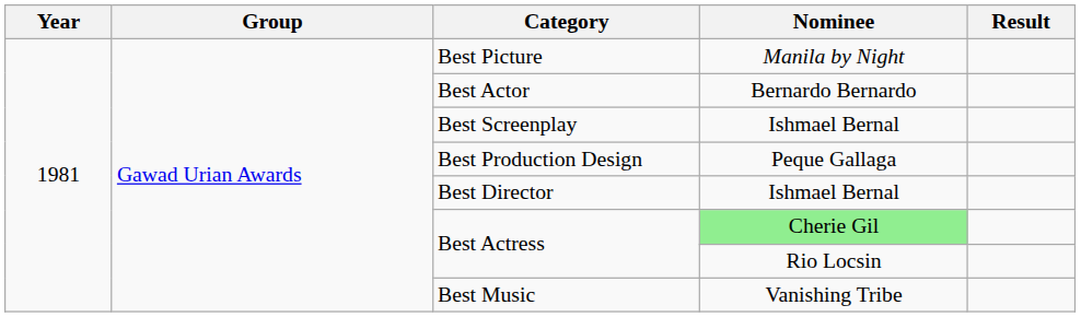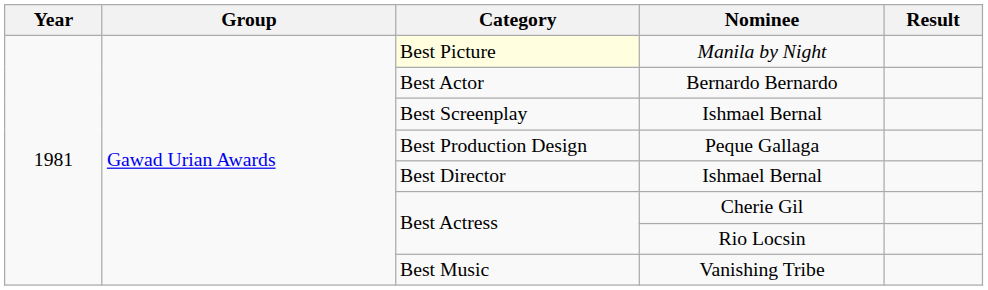 <table | width="90%" class="wikitable sortable">
 <tr>
 <th width="10%">Year</th>
 <th width="30%">Group</th>
 <th width="25%">Category</th>
 <th width="25%">Nominee</th>
 <th width="10%">Result</th>
 </tr>
 <tr>
 <td rowspan="8" align="center">1981</td>
 <td rowspan="8" align="left"><a href='#'>Gawad Urian Awards</a></td>
-<td align="left">Best Picture</td>
+<td align="left" style="background: lightyellow;">Best Picture</td>
 <td align="center"><em>Manila by Night</em></td>
 <td></td>
 </tr>
 <tr>
 <td align="left">Best Actor</td>
 <td align="center">Bernardo Bernardo</td>
 <td></td>
 </tr>
 <tr>
 <td>Best Screenplay</td>
 <td align="center">Ishmael Bernal</td>
 <td></td>
 </tr>
 <tr>
 <td>Best Production Design</td>
 <td align="center">Peque Gallaga</td>
 <td></td>
 </tr>
 <tr>
 <td>Best Director</td>
 <td align="center">Ishmael Bernal</td>
 <td></td>
 </tr>
 <tr>
 <td rowspan="2" align="left">Best Actress</td>
-<td align="center" style="background: lightgreen;">Cherie Gil</td>
+<td align="center">Cherie Gil</td>
 <td></td>
 </tr>
 <tr>
 <td align="center">Rio Locsin</td>
 <td></td>
 </tr>
 <tr>
 <td>Best Music</td>
 <td align="center">Vanishing Tribe</td>
 <td></td>
 </tr>
 </table>
